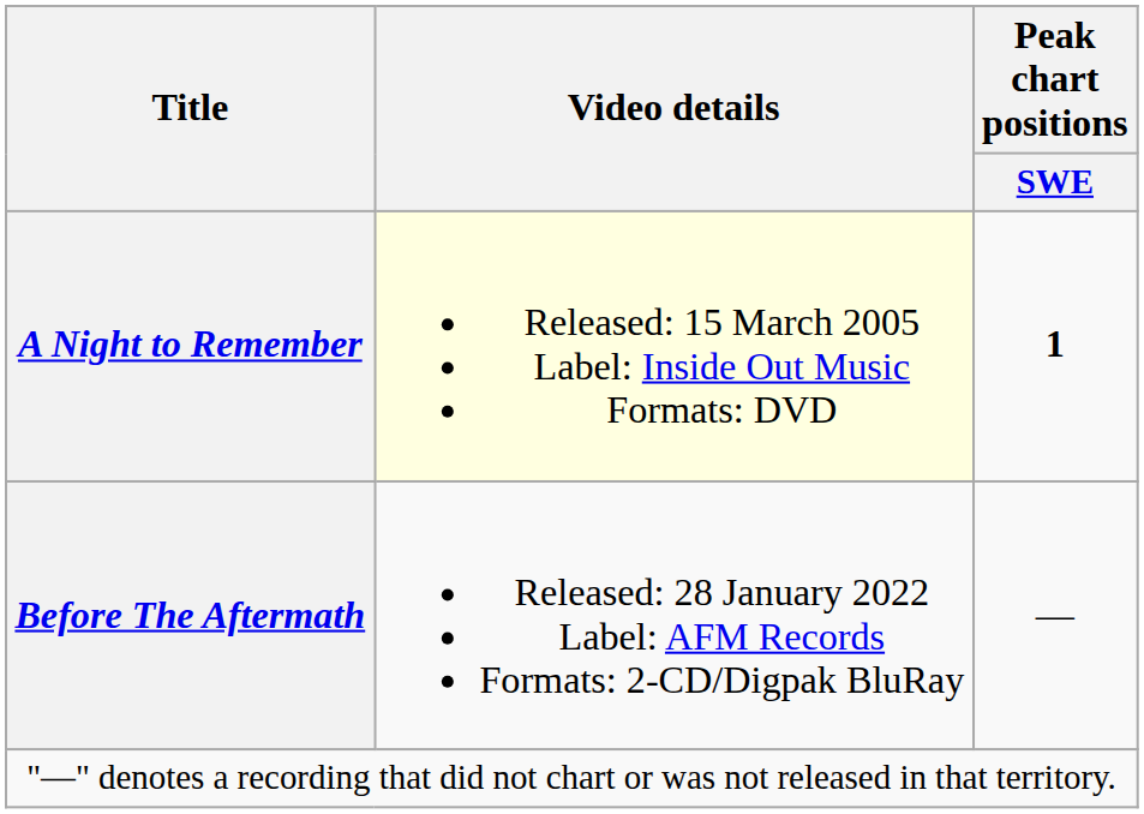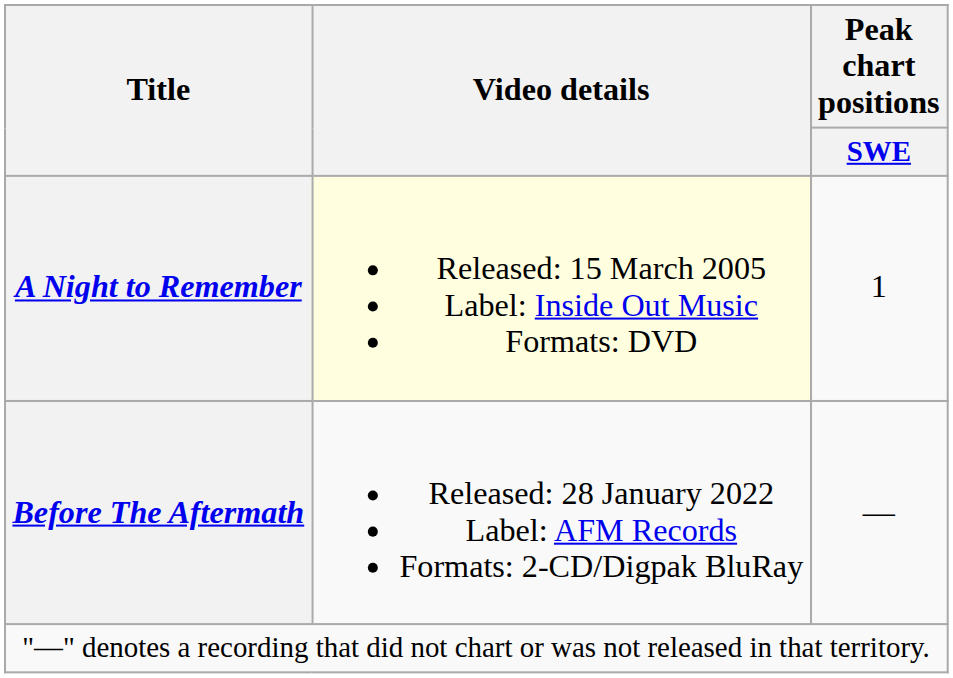 <table class="wikitable plainrowheaders" style="text-align:center;">
 <tr>
 <th scope="col" rowspan="2">Title</th>
 <th scope="col" rowspan="2">Video details</th>
 <th scope="col">Peak chart positions</th>
 </tr>
 <tr>
 <th scope="col" style="width:3em;font-size:90%;"><a href='#'>SWE</a><br></th>
 </tr>
 <tr>
 <th scope="row"><em><a href='#'>A Night to Remember</a></em></th>
 <td style="background: lightyellow;"><br><ul><li>Released: 15 March 2005</li><li>Label: <a href='#'>Inside Out Music</a></li><li>Formats: DVD</li></ul></td>
-<td><strong>1</strong></td>
+<td>1</td>
 </tr>
 <tr>
 <th scope="row"><em><a href='#'>Before The Aftermath</a></em></th>
 <td><br><ul><li>Released: 28 January 2022</li><li>Label: <a href='#'>AFM Records</a></li><li>Formats: 2-CD/Digpak BluRay</li></ul></td>
 <td>—</td>
 </tr>
 <tr>
 <td colspan="10" style="font-size:90%">"—" denotes a recording that did not chart or was not released in that territory.</td>
 </tr>
 </table>
